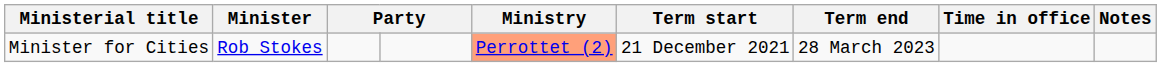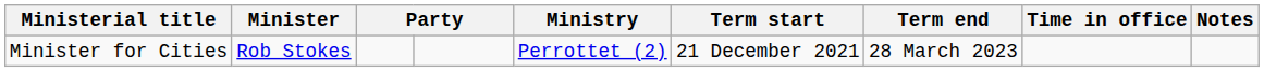 <table class="wikitable sortable">
 <tr>
 <th>Ministerial title</th>
 <th>Minister</th>
 <th colspan=2>Party</th>
 <th>Ministry</th>
 <th>Term start</th>
 <th>Term end</th>
 <th>Time in office</th>
 <th class="unsortable">Notes</th>
 </tr>
 <tr>
 <td>Minister for Cities</td>
 <td><a href='#'>Rob Stokes</a></td>
 <td> </td>
 <td width=8%></td>
-<td style="background: lightsalmon;"><a href='#'>Perrottet (2)</a></td>
+<td><a href='#'>Perrottet (2)</a></td>
 <td align=center>21 December 2021</td>
 <td align=center>28 March 2023</td>
 <td align=right></td>
 <td></td>
 </tr>
 </table>
